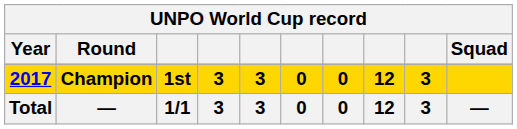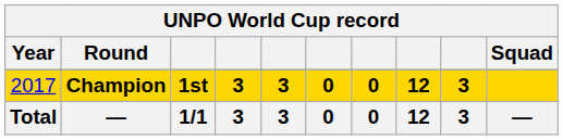 <table class="wikitable" style="text-align:center;">
 <tr>
 <th colspan="10">UNPO World Cup record</th>
 </tr>
 <tr>
 <th>Year</th>
 <th>Round</th>
 <th width="28"></th>
 <th width="28"></th>
 <th width="28"></th>
 <th width="28"></th>
 <th width="28"></th>
 <th width="28"></th>
 <th width="28"></th>
 <th>Squad</th>
 </tr>
 <tr>
 </tr>
 <tr style="background:gold;">
-<td><strong> <a href='#'>2017</a></strong></td>
+<td> <a href='#'>2017</a></td>
 <td><strong>Champion</strong></td>
 <td><strong>1st</strong></td>
 <td><strong>3</strong></td>
 <td><strong>3</strong></td>
 <td><strong>0</strong></td>
 <td><strong>0</strong></td>
 <td><strong>12</strong></td>
 <td><strong>3</strong></td>
 <td></td>
 </tr>
 <tr>
 <th>Total</th>
 <th>—</th>
 <th>1/1</th>
 <th>3</th>
 <th>3</th>
 <th>0</th>
 <th>0</th>
 <th>12</th>
 <th>3</th>
 <th>—</th>
 </tr>
 </table>
